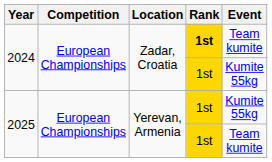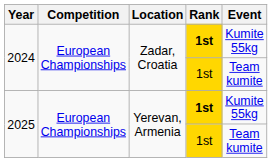 <table class="wikitable sortable" width=45% style="font-size:90%; text-align:center;">
 <tr>
 <th>Year</th>
 <th>Competition</th>
 <th>Location</th>
 <th>Rank</th>
 <th>Event</th>
 </tr>
 <tr>
 <td rowspan=2>2024</td>
 <td rowspan=2><a href='#'>European Championships</a></td>
 <td rowspan=2>Zadar, Croatia</td>
 <td bgcolor="gold"><strong>1st</strong></td>
-<td><a href='#'>Team kumite</a></td>
+<td><a href='#'>Kumite 55kg</a></td>
 </tr>
 <tr>
 <td bgcolor="gold">1st</td>
-<td><a href='#'>Kumite 55kg</a></td>
+<td><a href='#'>Team kumite</a></td>
 </tr>
 <tr>
 <td rowspan=2>2025</td>
 <td rowspan=2><a href='#'>European Championships</a></td>
 <td rowspan=2>Yerevan, Armenia</td>
-<td bgcolor="gold">1st</td>
+<td bgcolor="gold"><strong>1st</strong></td>
 <td><a href='#'>Kumite 55kg</a></td>
 </tr>
 <tr>
 <td bgcolor="gold">1st</td>
 <td><a href='#'>Team kumite</a></td>
 </tr>
 </table>
